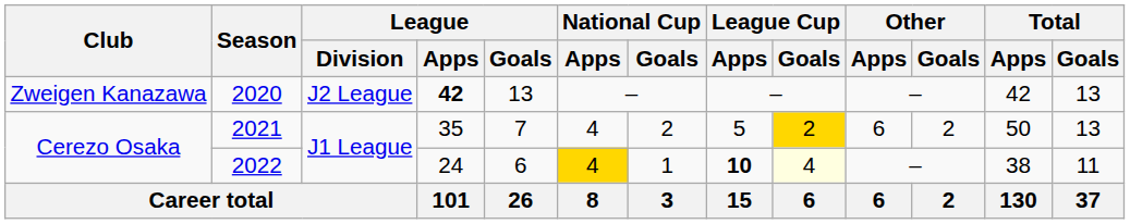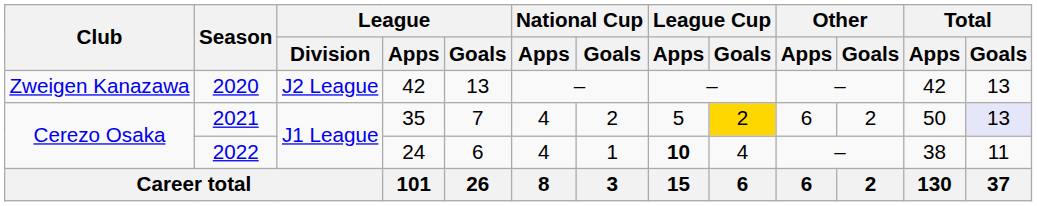 <table class="wikitable" style="text-align: center">
 <tr>
 <th rowspan="2">Club</th>
 <th rowspan="2">Season</th>
 <th colspan="3">League</th>
 <th colspan="2">National Cup</th>
 <th colspan="2">League Cup</th>
 <th colspan="2">Other</th>
 <th colspan="2">Total</th>
 </tr>
 <tr>
 <th>Division</th>
 <th>Apps</th>
 <th>Goals</th>
 <th>Apps</th>
 <th>Goals</th>
 <th>Apps</th>
 <th>Goals</th>
 <th>Apps</th>
 <th>Goals</th>
 <th>Apps</th>
 <th>Goals</th>
 </tr>
 <tr>
 <td><a href='#'>Zweigen Kanazawa</a></td>
 <td><a href='#'>2020</a></td>
 <td><a href='#'>J2 League</a></td>
-<td><strong>42</strong></td>
+<td>42</td>
 <td>13</td>
 <td colspan="2">–</td>
 <td colspan="2">–</td>
 <td colspan="2">–</td>
 <td>42</td>
 <td>13</td>
 </tr>
 <tr>
 <td rowspan="2"><a href='#'>Cerezo Osaka</a></td>
 <td><a href='#'>2021</a></td>
 <td rowspan="2"><a href='#'>J1 League</a></td>
 <td>35</td>
 <td>7</td>
 <td>4</td>
 <td>2</td>
 <td>5</td>
 <td style="background: gold;">2</td>
 <td>6</td>
 <td>2</td>
 <td>50</td>
-<td>13</td>
+<td style="background: lavender;">13</td>
 </tr>
 <tr>
 <td><a href='#'>2022</a></td>
 <td>24</td>
 <td>6</td>
-<td style="background: gold;">4</td>
+<td>4</td>
 <td>1</td>
 <td><strong>10</strong></td>
-<td style="background: lightyellow;">4</td>
+<td>4</td>
 <td colspan="2">–</td>
 <td>38</td>
 <td>11</td>
 </tr>
 <tr>
 <th colspan="3">Career total</th>
 <th>101</th>
 <th>26</th>
 <th>8</th>
 <th>3</th>
 <th>15</th>
 <th>6</th>
 <th>6</th>
 <th>2</th>
 <th>130</th>
 <th>37</th>
 </tr>
 </table>
